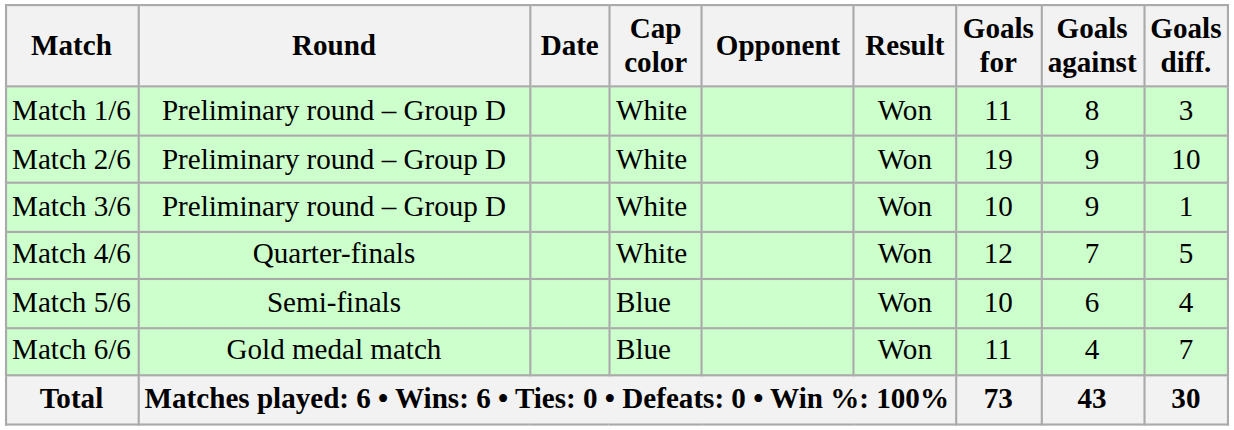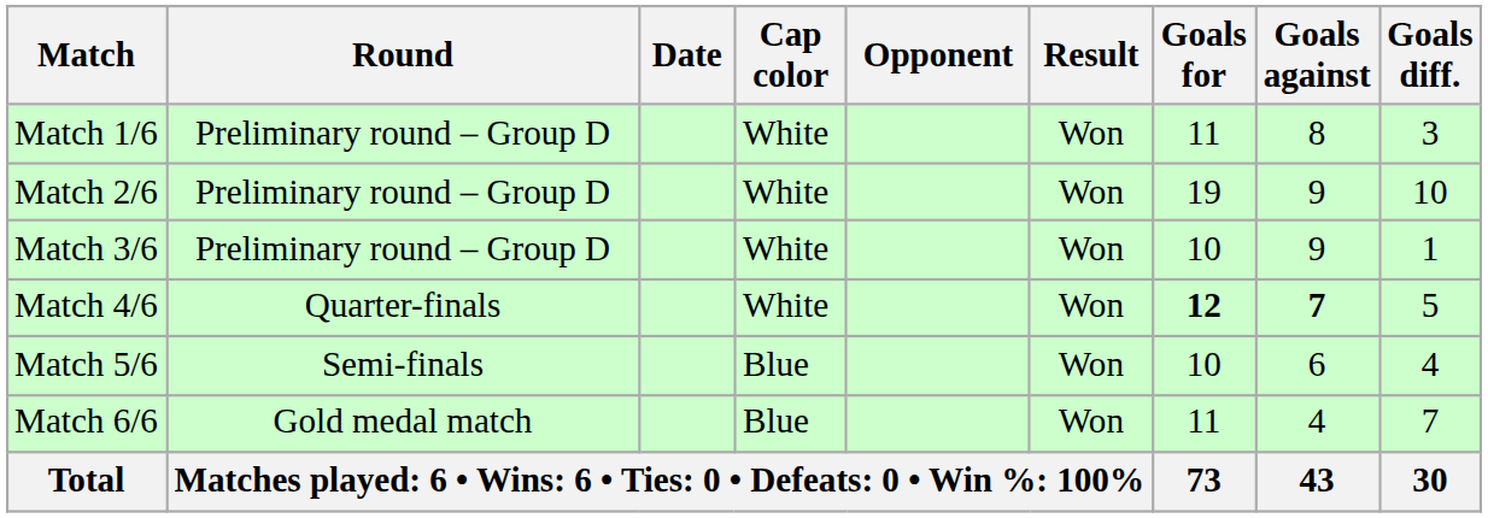 <table class="wikitable sortable" style="text-align: center; font-size: 85%; margin-left: 1em;">
 <tr>
 <th>Match</th>
 <th>Round</th>
 <th>Date</th>
 <th>Cap<br>color</th>
 <th>Opponent</th>
 <th>Result</th>
 <th>Goals<br>for</th>
 <th>Goals<br>against</th>
 <th>Goals<br>diff.</th>
 </tr>
 <tr style="background-color: #ccffcc;">
 <td>Match 1/6</td>
 <td>Preliminary round – Group D</td>
 <td style="text-align: right;"></td>
 <td style="text-align: left;"> White</td>
 <td style="text-align: left;"></td>
 <td>Won</td>
 <td>11</td>
 <td>8</td>
 <td>3</td>
 </tr>
 <tr style="background-color: #ccffcc;">
 <td>Match 2/6</td>
 <td>Preliminary round – Group D</td>
 <td style="text-align: right;"></td>
 <td style="text-align: left;"> White</td>
 <td style="text-align: left;"></td>
 <td>Won</td>
 <td>19</td>
 <td>9</td>
 <td>10</td>
 </tr>
 <tr style="background-color: #ccffcc;">
 <td>Match 3/6</td>
 <td>Preliminary round – Group D</td>
 <td style="text-align: right;"></td>
 <td style="text-align: left;"> White</td>
 <td style="text-align: left;"></td>
 <td>Won</td>
 <td>10</td>
 <td>9</td>
 <td>1</td>
 </tr>
 <tr style="background-color: #ccffcc;">
 <td>Match 4/6</td>
 <td>Quarter-finals</td>
 <td style="text-align: right;"></td>
 <td style="text-align: left;"> White</td>
 <td style="text-align: left;"></td>
 <td>Won</td>
-<td>12</td>
-<td>7</td>
+<td><strong>12</strong></td>
+<td><strong>7</strong></td>
 <td>5</td>
 </tr>
 <tr style="background-color: #ccffcc;">
 <td>Match 5/6</td>
 <td>Semi-finals</td>
 <td style="text-align: right;"></td>
 <td style="text-align: left;"> Blue</td>
 <td style="text-align: left;"></td>
 <td>Won</td>
 <td>10</td>
 <td>6</td>
 <td>4</td>
 </tr>
 <tr style="background-color: #ccffcc;">
 <td>Match 6/6</td>
 <td>Gold medal match</td>
 <td style="text-align: right;"></td>
 <td style="text-align: left;"> Blue</td>
 <td style="text-align: left;"></td>
 <td>Won</td>
 <td>11</td>
 <td>4</td>
 <td>7</td>
 </tr>
 <tr>
 <th>Total</th>
 <th colspan="5">Matches played: 6 • Wins: 6 • Ties: 0 • Defeats: 0 • Win %: 100%</th>
 <th>73</th>
 <th>43</th>
 <th>30</th>
 </tr>
 </table>
